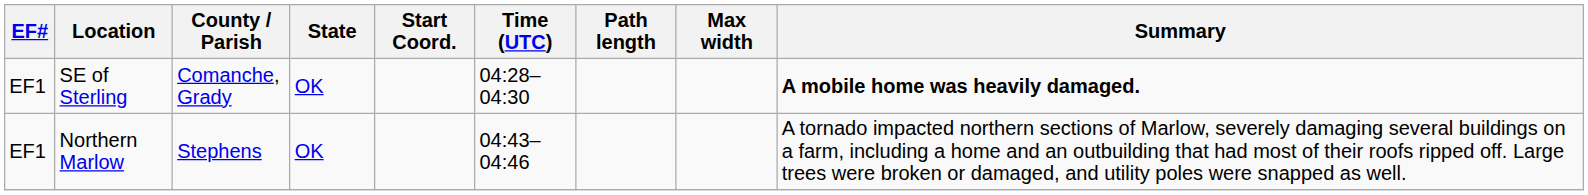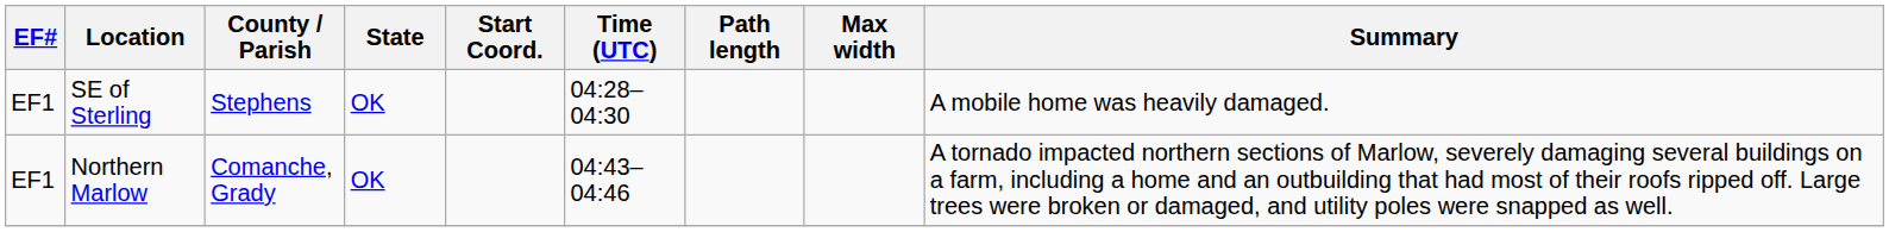 <table class="wikitable sortable" style="width:100%;">
 <tr>
 <th scope="col"  style="width:3%; text-align:center;"><a href='#'>EF#</a></th>
 <th scope="col"  style="width:7%; text-align:center;" class="unsortable">Location</th>
 <th scope="col"  style="width:6%; text-align:center;" class="unsortable">County / Parish</th>
 <th scope="col"  style="width:5%; text-align:center;">State</th>
 <th scope="col"  style="width:6%; text-align:center;">Start Coord.</th>
 <th scope="col"  style="width:6%; text-align:center;">Time (<a href='#'>UTC</a>)</th>
 <th scope="col"  style="width:6%; text-align:center;">Path length</th>
 <th scope="col"  style="width:6%; text-align:center;">Max width</th>
 <th scope="col" class="unsortable" style="width:48%; text-align:center;">Summary</th>
 </tr>
 <tr>
 <td>EF1</td>
 <td>SE of <a href='#'>Sterling</a></td>
-<td><a href='#'>Comanche</a>, <a href='#'>Grady</a></td>
+<td><a href='#'>Stephens</a></td>
 <td><a href='#'>OK</a></td>
 <td></td>
 <td>04:28–04:30</td>
 <td></td>
 <td></td>
-<td><strong>A mobile home was heavily damaged.</strong></td>
+<td>A mobile home was heavily damaged.</td>
 </tr>
 <tr>
 <td>EF1</td>
 <td>Northern <a href='#'>Marlow</a></td>
-<td><a href='#'>Stephens</a></td>
+<td><a href='#'>Comanche</a>, <a href='#'>Grady</a></td>
 <td><a href='#'>OK</a></td>
 <td></td>
 <td>04:43–04:46</td>
 <td></td>
 <td></td>
 <td>A tornado impacted northern sections of Marlow, severely damaging several buildings on a farm, including a home and an outbuilding that had most of their roofs ripped off. Large trees were broken or damaged, and utility poles were snapped as well.</td>
 </tr>
 <tr>
 </tr>
 </table>
